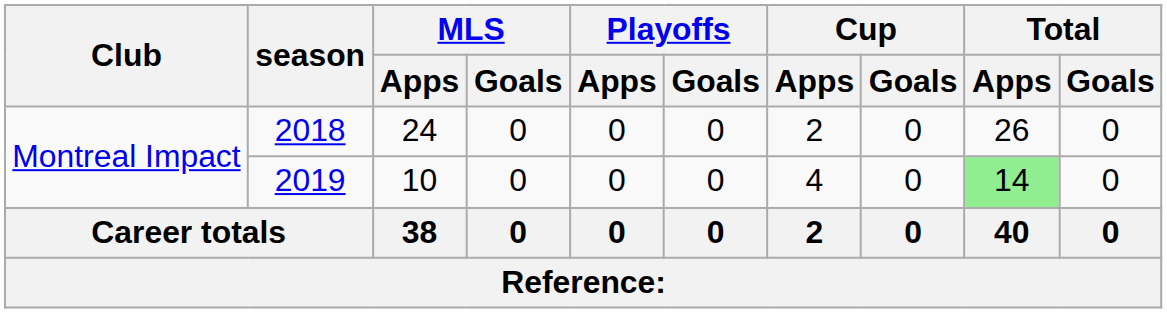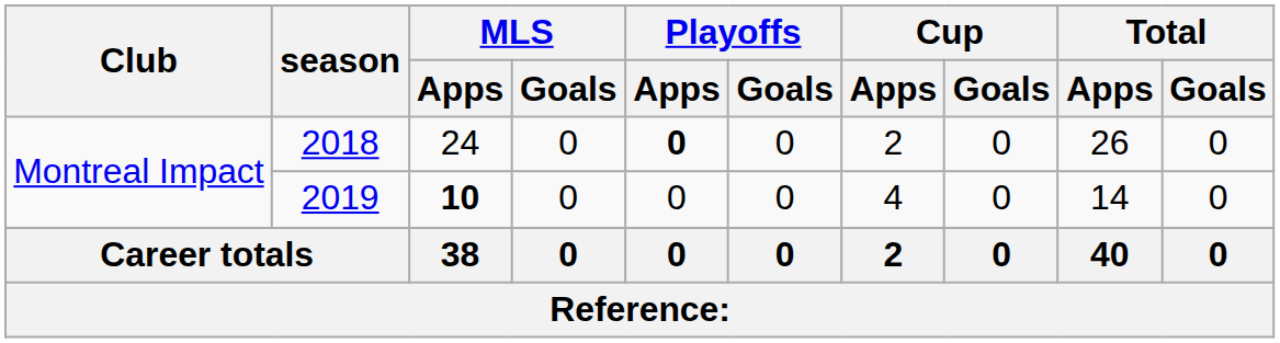 <table class="wikitable" Style="text-align: center">
 <tr>
 <th rowspan="2">Club</th>
 <th rowspan="2">season</th>
 <th colspan="2"><a href='#'>MLS</a></th>
 <th colspan="2"><a href='#'>Playoffs</a></th>
 <th colspan="2">Cup</th>
 <th colspan="2">Total</th>
 </tr>
 <tr>
 <th>Apps</th>
 <th>Goals</th>
 <th>Apps</th>
 <th>Goals</th>
 <th>Apps</th>
 <th>Goals</th>
 <th>Apps</th>
 <th>Goals</th>
 </tr>
 <tr>
 <td rowspan="2"><a href='#'>Montreal Impact</a></td>
 <td><a href='#'>2018</a></td>
 <td>24</td>
 <td>0</td>
-<td>0</td>
+<td><strong>0</strong></td>
 <td>0</td>
 <td>2</td>
 <td>0</td>
 <td>26</td>
 <td>0</td>
 </tr>
 <tr>
 <td><a href='#'>2019</a></td>
-<td>10</td>
+<td><strong>10</strong></td>
 <td>0</td>
 <td>0</td>
 <td>0</td>
 <td>4</td>
 <td>0</td>
-<td style="background: lightgreen;">14</td>
+<td>14</td>
 <td>0</td>
 </tr>
 <tr>
 <th colspan="2">Career totals</th>
 <th>38</th>
 <th>0</th>
 <th>0</th>
 <th>0</th>
 <th>2</th>
 <th>0</th>
 <th>40</th>
 <th>0</th>
 </tr>
 <tr>
 <th colspan="10">Reference:</th>
 </tr>
 </table>
